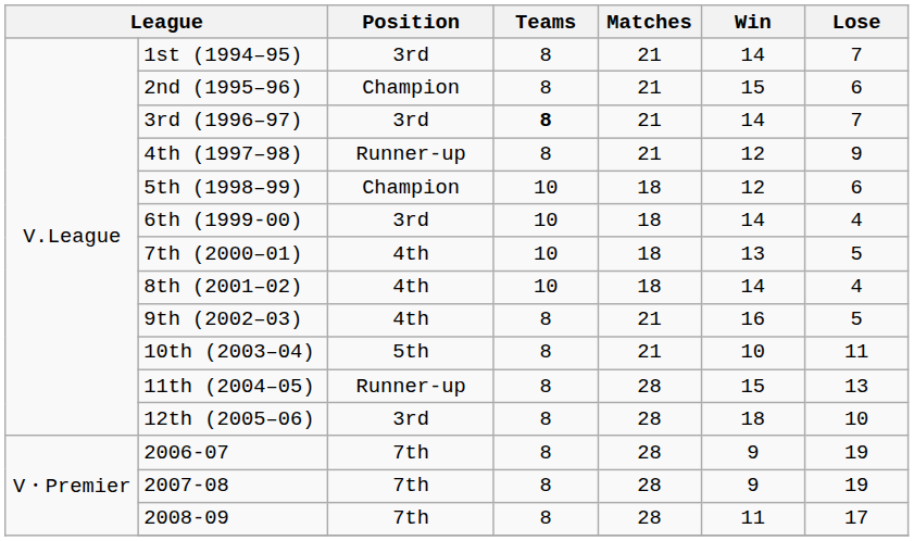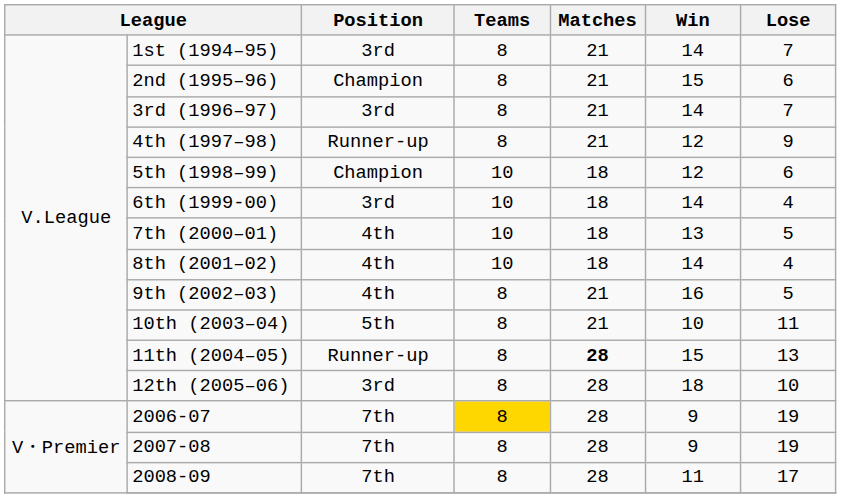 <table class="wikitable" border="1">
 <tr>
 <th width=200 colspan=2>League</th>
 <th width=100>Position</th>
 <th width=60 align=center>Teams</th>
 <th width=60>Matches</th>
 <th width=60>Win</th>
 <th width=60>Lose</th>
 </tr>
 <tr>
 <td align=center rowspan=12>V.League</td>
 <td>1st (1994–95)</td>
 <td align=center>3rd</td>
 <td align=center>8</td>
 <td align=center>21</td>
 <td align=center>14</td>
 <td align=center>7</td>
 </tr>
 <tr>
 <td>2nd (1995–96)</td>
 <td align=center>Champion</td>
 <td align=center>8</td>
 <td align=center>21</td>
 <td align=center>15</td>
 <td align=center>6</td>
 </tr>
 <tr>
 <td>3rd (1996–97)</td>
 <td align=center>3rd</td>
-<td align=center><strong>8</strong></td>
+<td align=center>8</td>
 <td align=center>21</td>
 <td align=center>14</td>
 <td align=center>7</td>
 </tr>
 <tr>
 <td>4th (1997–98)</td>
 <td align=center>Runner-up</td>
 <td align=center>8</td>
 <td align=center>21</td>
 <td align=center>12</td>
 <td align=center>9</td>
 </tr>
 <tr>
 <td>5th (1998–99)</td>
 <td align=center>Champion</td>
 <td align=center>10</td>
 <td align=center>18</td>
 <td align=center>12</td>
 <td align=center>6</td>
 </tr>
 <tr>
 <td>6th (1999-00)</td>
 <td align=center>3rd</td>
 <td align=center>10</td>
 <td align=center>18</td>
 <td align=center>14</td>
 <td align=center>4</td>
 </tr>
 <tr>
 <td>7th (2000–01)</td>
 <td align=center>4th</td>
 <td align=center>10</td>
 <td align=center>18</td>
 <td align=center>13</td>
 <td align=center>5</td>
 </tr>
 <tr>
 <td>8th (2001–02)</td>
 <td align=center>4th</td>
 <td align=center>10</td>
 <td align=center>18</td>
 <td align=center>14</td>
 <td align=center>4</td>
 </tr>
 <tr>
 <td>9th (2002–03)</td>
 <td align=center>4th</td>
 <td align=center>8</td>
 <td align=center>21</td>
 <td align=center>16</td>
 <td align=center>5</td>
 </tr>
 <tr>
 <td>10th (2003–04)</td>
 <td align=center>5th</td>
 <td align=center>8</td>
 <td align=center>21</td>
 <td align=center>10</td>
 <td align=center>11</td>
 </tr>
 <tr>
 <td>11th (2004–05)</td>
 <td align=center>Runner-up</td>
 <td align=center>8</td>
-<td align=center>28</td>
+<td align=center><strong>28</strong></td>
 <td align=center>15</td>
 <td align=center>13</td>
 </tr>
 <tr>
 <td>12th (2005–06)</td>
 <td align=center>3rd</td>
 <td align=center>8</td>
 <td align=center>28</td>
 <td align=center>18</td>
 <td align=center>10</td>
 </tr>
 <tr>
 <td align=center rowspan=10>V・Premier</td>
 <td>2006-07</td>
 <td align=center>7th</td>
-<td align=center>8</td>
+<td align=center style="background: gold;">8</td>
 <td align=center>28</td>
 <td align=center>9</td>
 <td align=center>19</td>
 </tr>
 <tr>
 <td>2007-08</td>
 <td align=center>7th</td>
 <td align=center>8</td>
 <td align=center>28</td>
 <td align=center>9</td>
 <td align=center>19</td>
 </tr>
 <tr>
 <td>2008-09</td>
 <td align=center>7th</td>
 <td align=center>8</td>
 <td align=center>28</td>
 <td align=center>11</td>
 <td align=center>17</td>
 </tr>
 <tr>
 </tr>
 </table>
